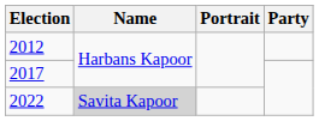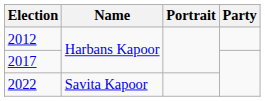 <table class="wikitable sortable">
 <tr>
 <th>Election</th>
 <th>Name</th>
 <th>Portrait</th>
 <th colspan=2>Party</th>
 </tr>
 <tr>
 <td><a href='#'>2012</a></td>
 <td rowspan=2><a href='#'>Harbans Kapoor</a></td>
 <td rowspan=2></td>
 <td></td>
 </tr>
 <tr>
 <td><a href='#'>2017</a></td>
 </tr>
 <tr>
 <td><a href='#'>2022</a></td>
-<td style="background: lightgrey;"><a href='#'>Savita Kapoor</a></td>
+<td><a href='#'>Savita Kapoor</a></td>
 <td></td>
 </tr>
 </table>
